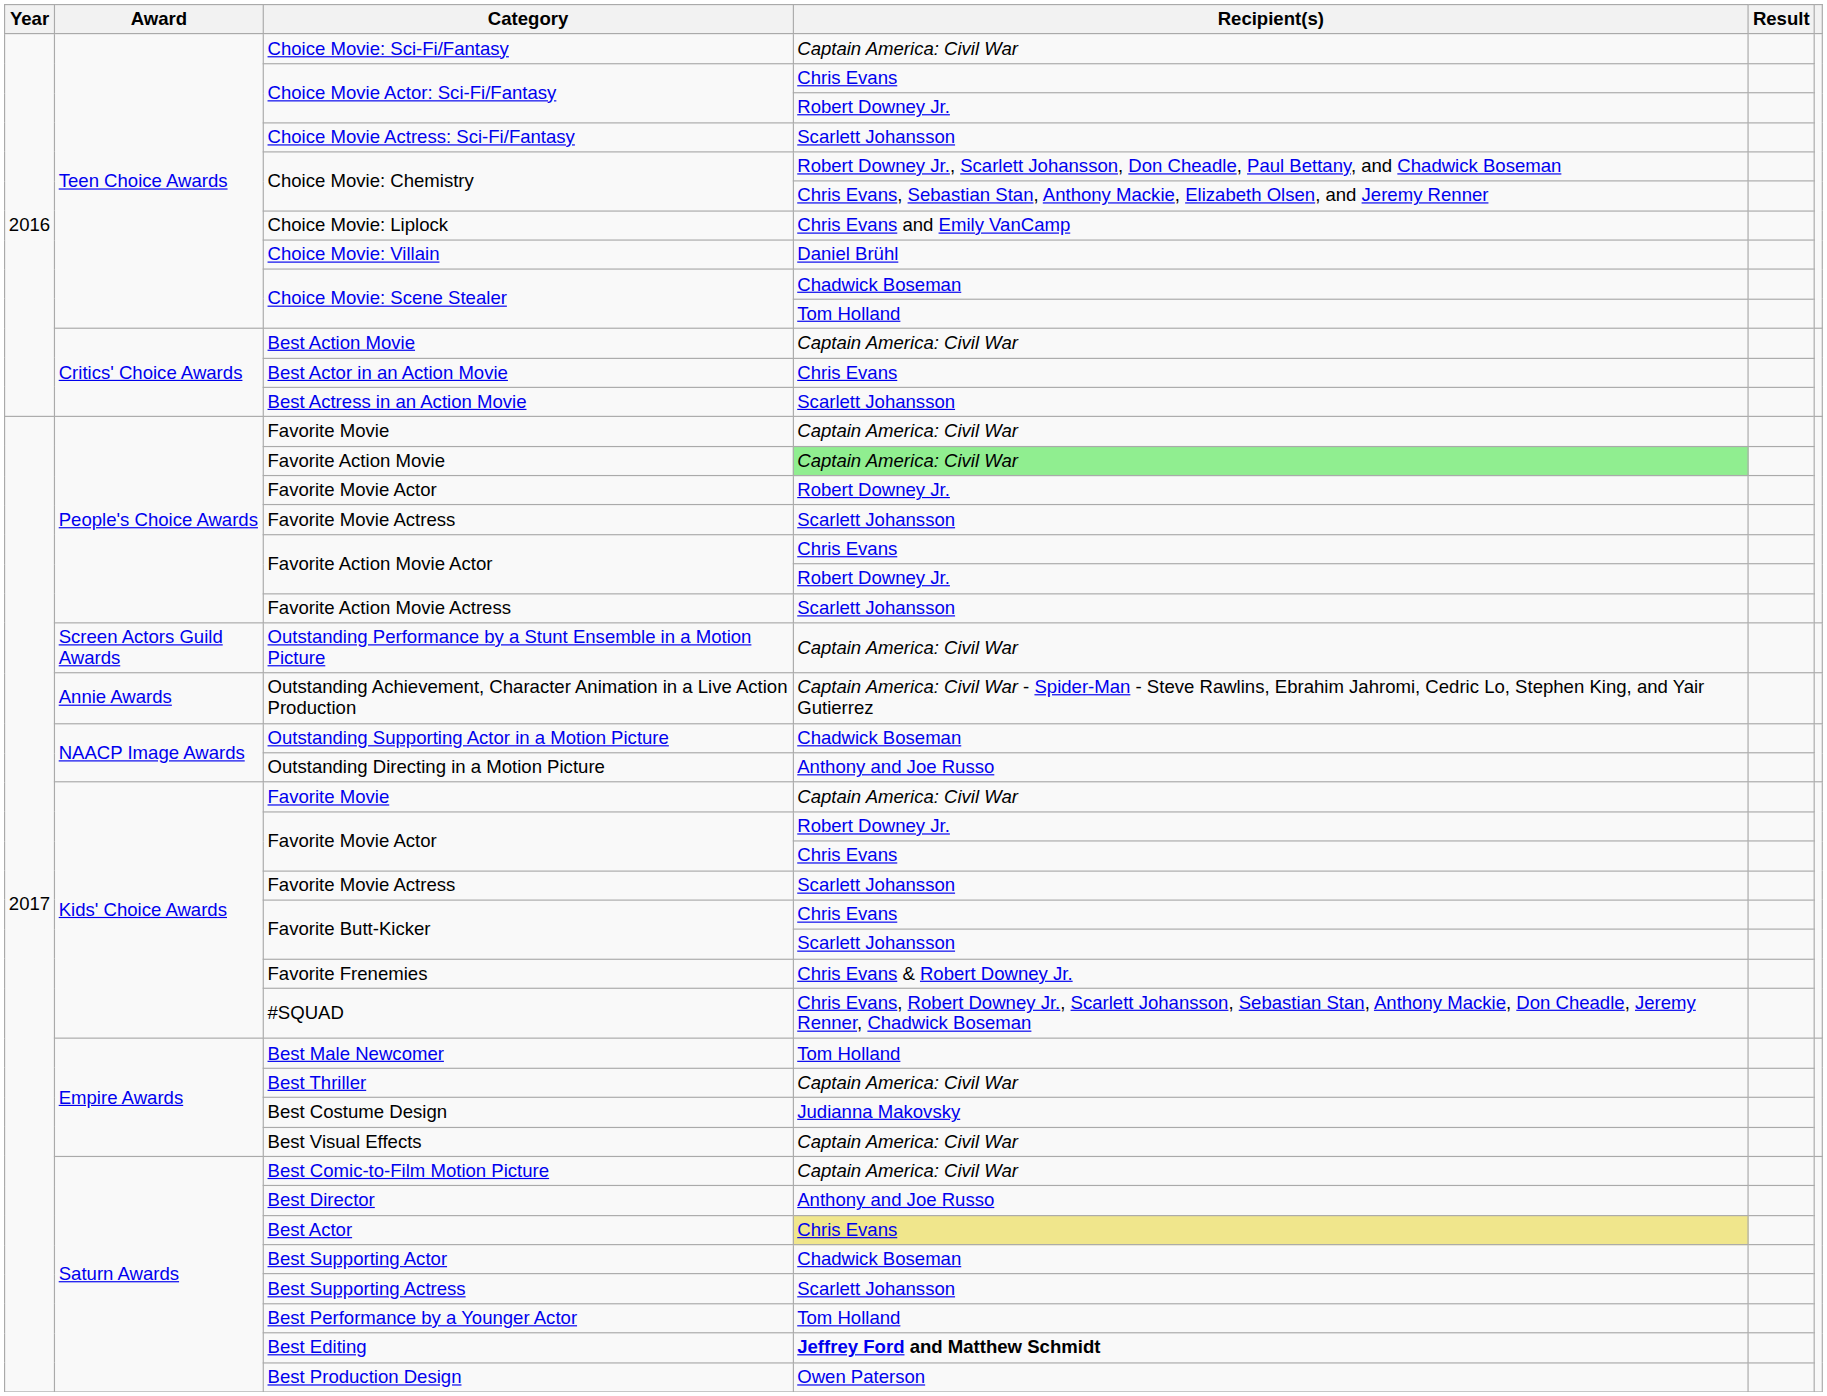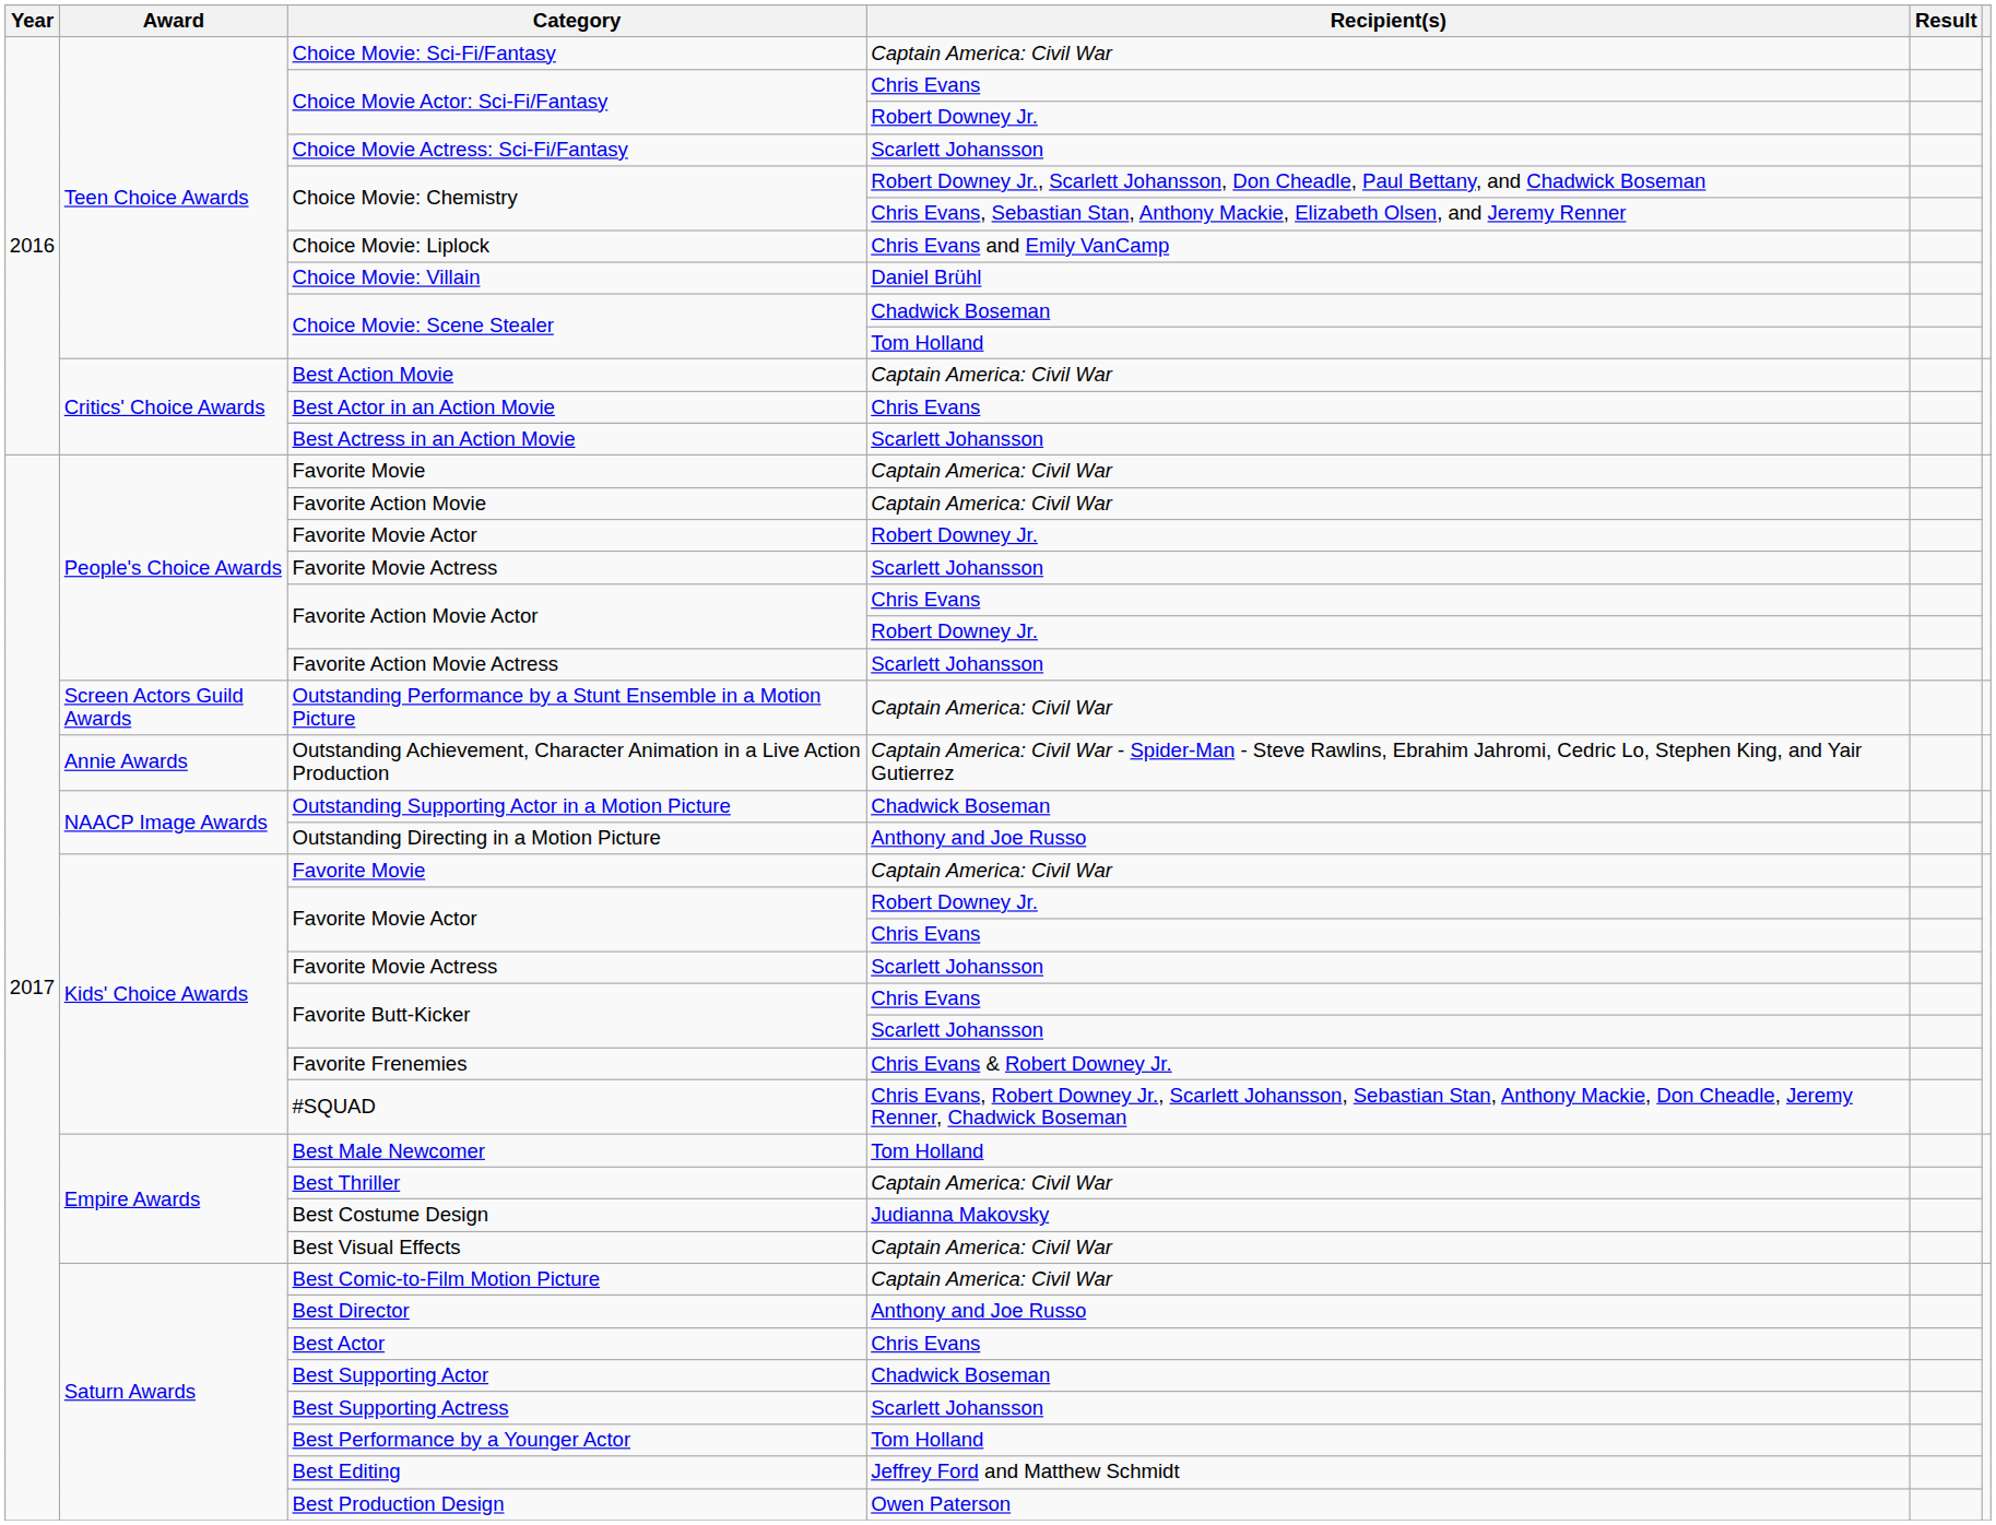 <table class="wikitable sortable" style="width: 99%;">
 <tr>
 <th scope="col">Year</th>
 <th scope="col">Award</th>
 <th scope="col">Category</th>
 <th scope="col">Recipient(s)</th>
 <th scope="col">Result</th>
 <th scope="col" class="unsortable"></th>
 </tr>
 <tr>
 <td rowspan="13">2016</td>
 <td rowspan="10"><a href='#'>Teen Choice Awards</a></td>
 <td><a href='#'>Choice Movie: Sci-Fi/Fantasy</a></td>
 <td><em>Captain America: Civil War</em></td>
 <td></td>
 <td rowspan="10" style="text-align:center;"></td>
 </tr>
 <tr>
 <td rowspan="2"><a href='#'>Choice Movie Actor: Sci-Fi/Fantasy</a></td>
 <td><a href='#'>Chris Evans</a></td>
 <td></td>
 </tr>
 <tr>
 <td><a href='#'>Robert Downey Jr.</a></td>
 <td></td>
 </tr>
 <tr>
 <td><a href='#'>Choice Movie Actress: Sci-Fi/Fantasy</a></td>
 <td><a href='#'>Scarlett Johansson</a></td>
 <td></td>
 </tr>
 <tr>
 <td rowspan="2">Choice Movie: Chemistry</td>
 <td><a href='#'>Robert Downey Jr.</a>, <a href='#'>Scarlett Johansson</a>, <a href='#'>Don Cheadle</a>, <a href='#'>Paul Bettany</a>, and <a href='#'>Chadwick Boseman</a></td>
 <td></td>
 </tr>
 <tr>
 <td><a href='#'>Chris Evans</a>, <a href='#'>Sebastian Stan</a>, <a href='#'>Anthony Mackie</a>, <a href='#'>Elizabeth Olsen</a>, and <a href='#'>Jeremy Renner</a></td>
 <td></td>
 </tr>
 <tr>
 <td>Choice Movie: Liplock</td>
 <td><a href='#'>Chris Evans</a> and <a href='#'>Emily VanCamp</a></td>
 <td></td>
 </tr>
 <tr>
 <td><a href='#'>Choice Movie: Villain</a></td>
 <td><a href='#'>Daniel Brühl</a></td>
 <td></td>
 </tr>
 <tr>
 <td rowspan="2"><a href='#'>Choice Movie: Scene Stealer</a></td>
 <td><a href='#'>Chadwick Boseman</a></td>
 <td></td>
 </tr>
 <tr>
 <td><a href='#'>Tom Holland</a></td>
 <td></td>
 </tr>
 <tr>
 <td rowspan="3"><a href='#'>Critics' Choice Awards</a></td>
 <td><a href='#'>Best Action Movie</a></td>
 <td><em>Captain America: Civil War</em></td>
 <td></td>
 <td rowspan="3" style="text-align:center;"></td>
 </tr>
 <tr>
 <td><a href='#'>Best Actor in an Action Movie</a></td>
 <td><a href='#'>Chris Evans</a></td>
 <td></td>
 </tr>
 <tr>
 <td><a href='#'>Best Actress in an Action Movie</a></td>
 <td><a href='#'>Scarlett Johansson</a></td>
 <td></td>
 </tr>
 <tr>
 <td rowspan="31">2017</td>
 <td rowspan="7"><a href='#'>People's Choice Awards</a></td>
 <td>Favorite Movie</td>
 <td><em>Captain America: Civil War</em></td>
 <td></td>
 <td rowspan="7" style="text-align:center;"></td>
 </tr>
 <tr>
 <td>Favorite Action Movie</td>
-<td style="background: lightgreen;"><em>Captain America: Civil War</em></td>
+<td><em>Captain America: Civil War</em></td>
 <td></td>
 </tr>
 <tr>
 <td>Favorite Movie Actor</td>
 <td><a href='#'>Robert Downey Jr.</a></td>
 <td></td>
 </tr>
 <tr>
 <td>Favorite Movie Actress</td>
 <td><a href='#'>Scarlett Johansson</a></td>
 <td></td>
 </tr>
 <tr>
 <td rowspan="2">Favorite Action Movie Actor</td>
 <td><a href='#'>Chris Evans</a></td>
 <td></td>
 </tr>
 <tr>
 <td><a href='#'>Robert Downey Jr.</a></td>
 <td></td>
 </tr>
 <tr>
 <td>Favorite Action Movie Actress</td>
 <td><a href='#'>Scarlett Johansson</a></td>
 <td></td>
 </tr>
 <tr>
 <td><a href='#'>Screen Actors Guild Awards</a></td>
 <td><a href='#'>Outstanding Performance by a Stunt Ensemble in a Motion Picture</a></td>
 <td><em>Captain America: Civil War</em></td>
 <td></td>
 <td style="text-align:center;"></td>
 </tr>
 <tr>
 <td><a href='#'>Annie Awards</a></td>
 <td>Outstanding Achievement, Character Animation in a Live Action Production</td>
 <td><em>Captain America: Civil War</em> - <a href='#'>Spider-Man</a> - Steve Rawlins, Ebrahim Jahromi, Cedric Lo, Stephen King, and Yair Gutierrez</td>
 <td></td>
 <td style="text-align:center;"></td>
 </tr>
 <tr>
 <td rowspan="2"><a href='#'>NAACP Image Awards</a></td>
 <td><a href='#'>Outstanding Supporting Actor in a Motion Picture</a></td>
 <td><a href='#'>Chadwick Boseman</a></td>
 <td></td>
 <td rowspan="2" style="text-align:center;"></td>
 </tr>
 <tr>
 <td>Outstanding Directing in a Motion Picture</td>
 <td><a href='#'>Anthony and Joe Russo</a></td>
 <td></td>
 </tr>
 <tr>
 <td rowspan="8"><a href='#'>Kids' Choice Awards</a></td>
 <td><a href='#'>Favorite Movie</a></td>
 <td><em>Captain America: Civil War</em></td>
 <td></td>
 <td rowspan="8" style="text-align:center;"></td>
 </tr>
 <tr>
 <td rowspan="2">Favorite Movie Actor</td>
 <td><a href='#'>Robert Downey Jr.</a></td>
 <td></td>
 </tr>
 <tr>
 <td><a href='#'>Chris Evans</a></td>
 <td></td>
 </tr>
 <tr>
 <td>Favorite Movie Actress</td>
 <td><a href='#'>Scarlett Johansson</a></td>
 <td></td>
 </tr>
 <tr>
 <td rowspan="2">Favorite Butt-Kicker</td>
 <td><a href='#'>Chris Evans</a></td>
 <td></td>
 </tr>
 <tr>
 <td><a href='#'>Scarlett Johansson</a></td>
 <td></td>
 </tr>
 <tr>
 <td>Favorite Frenemies</td>
 <td><a href='#'>Chris Evans</a> & <a href='#'>Robert Downey Jr.</a></td>
 <td></td>
 </tr>
 <tr>
 <td>#SQUAD</td>
 <td><a href='#'>Chris Evans</a>, <a href='#'>Robert Downey Jr.</a>, <a href='#'>Scarlett Johansson</a>, <a href='#'>Sebastian Stan</a>, <a href='#'>Anthony Mackie</a>, <a href='#'>Don Cheadle</a>, <a href='#'>Jeremy Renner</a>, <a href='#'>Chadwick Boseman</a></td>
 <td></td>
 </tr>
 <tr>
 <td rowspan="4"><a href='#'>Empire Awards</a></td>
 <td><a href='#'>Best Male Newcomer</a></td>
 <td><a href='#'>Tom Holland</a></td>
 <td></td>
 <td rowspan="4" style="text-align:center;"></td>
 </tr>
 <tr>
 <td><a href='#'>Best Thriller</a></td>
 <td><em>Captain America: Civil War</em></td>
 <td></td>
 </tr>
 <tr>
 <td>Best Costume Design</td>
 <td><a href='#'>Judianna Makovsky</a></td>
 <td></td>
 </tr>
 <tr>
 <td>Best Visual Effects</td>
 <td><em>Captain America: Civil War</em></td>
 <td></td>
 </tr>
 <tr>
 <td rowspan="8"><a href='#'>Saturn Awards</a></td>
 <td><a href='#'>Best Comic-to-Film Motion Picture</a></td>
 <td><em>Captain America: Civil War</em></td>
 <td></td>
 <td rowspan="8" style="text-align:center;"></td>
 </tr>
 <tr>
 <td><a href='#'>Best Director</a></td>
 <td><a href='#'>Anthony and Joe Russo</a></td>
 <td></td>
 </tr>
 <tr>
 <td><a href='#'>Best Actor</a></td>
-<td style="background: khaki;"><a href='#'>Chris Evans</a></td>
+<td><a href='#'>Chris Evans</a></td>
 <td></td>
 </tr>
 <tr>
 <td><a href='#'>Best Supporting Actor</a></td>
 <td><a href='#'>Chadwick Boseman</a></td>
 <td></td>
 </tr>
 <tr>
 <td><a href='#'>Best Supporting Actress</a></td>
 <td><a href='#'>Scarlett Johansson</a></td>
 <td></td>
 </tr>
 <tr>
 <td><a href='#'>Best Performance by a Younger Actor</a></td>
 <td><a href='#'>Tom Holland</a></td>
 <td></td>
 </tr>
 <tr>
 <td><a href='#'>Best Editing</a></td>
-<td><strong><a href='#'>Jeffrey Ford</a> and Matthew Schmidt</strong></td>
+<td><a href='#'>Jeffrey Ford</a> and Matthew Schmidt</td>
 <td></td>
 </tr>
 <tr>
 <td><a href='#'>Best Production Design</a></td>
 <td><a href='#'>Owen Paterson</a></td>
 <td></td>
 </tr>
 </table>
